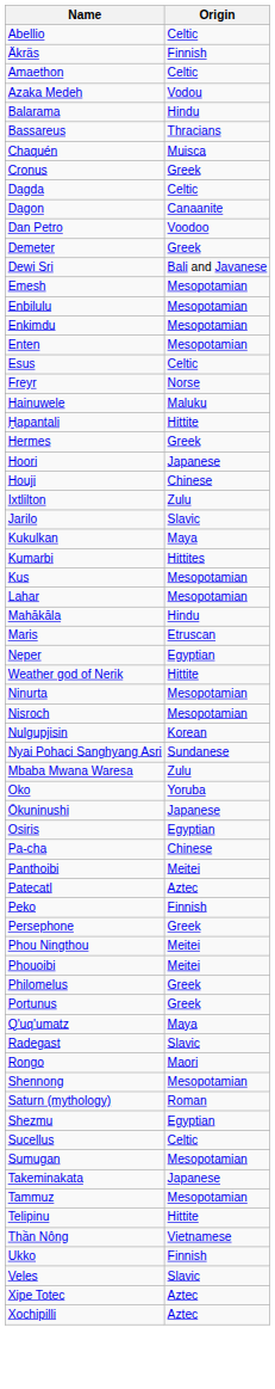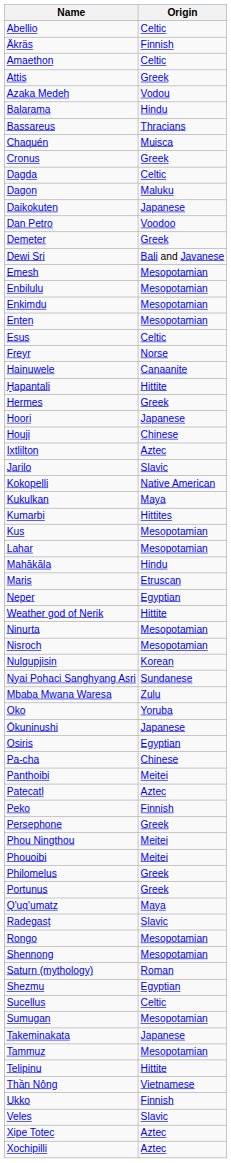 <table class="wikitable sortable" style="display: inline-table; margin-right: 20px;">
 <tr>
 <th>Name</th>
 <th>Origin</th>
 </tr>
 <tr>
 <td><a href='#'>Abellio</a></td>
 <td><a href='#'>Celtic</a></td>
 </tr>
 <tr>
 <td><a href='#'>Äkräs</a></td>
 <td><a href='#'>Finnish</a></td>
 </tr>
 <tr>
 <td><a href='#'>Amaethon</a></td>
 <td><a href='#'>Celtic</a></td>
+</tr>
+<tr>
+<td><a href='#'>Attis</a></td>
+<td><a href='#'>Greek</a></td>
 </tr>
 <tr>
 <td><a href='#'>Azaka Medeh</a></td>
 <td><a href='#'>Vodou</a></td>
 </tr>
 <tr>
 <td><a href='#'>Balarama</a></td>
 <td><a href='#'>Hindu</a></td>
 </tr>
 <tr>
 <td><a href='#'>Bassareus</a></td>
 <td><a href='#'>Thracians</a></td>
 </tr>
 <tr>
 <td><a href='#'>Chaquén</a></td>
 <td><a href='#'>Muisca</a></td>
 </tr>
 <tr>
 <td><a href='#'>Cronus</a></td>
 <td><a href='#'>Greek</a></td>
 </tr>
 <tr>
 <td><a href='#'>Dagda</a></td>
 <td><a href='#'>Celtic</a></td>
 </tr>
 <tr>
 <td><a href='#'>Dagon</a></td>
-<td><a href='#'>Canaanite</a></td>
+<td><a href='#'>Maluku</a></td>
+</tr>
+<tr>
+<td><a href='#'>Daikokuten</a></td>
+<td><a href='#'>Japanese</a></td>
 </tr>
 <tr>
 <td><a href='#'>Dan Petro</a></td>
 <td><a href='#'>Voodoo</a></td>
 </tr>
 <tr>
 <td><a href='#'>Demeter</a></td>
 <td><a href='#'>Greek</a></td>
 </tr>
 <tr>
 <td><a href='#'>Dewi Sri</a></td>
 <td><a href='#'>Bali</a> and <a href='#'>Javanese</a></td>
 </tr>
 <tr>
 <td><a href='#'>Emesh</a></td>
 <td><a href='#'>Mesopotamian</a></td>
 </tr>
 <tr>
 <td><a href='#'>Enbilulu</a></td>
 <td><a href='#'>Mesopotamian</a></td>
 </tr>
 <tr>
 <td><a href='#'>Enkimdu</a></td>
 <td><a href='#'>Mesopotamian</a></td>
 </tr>
 <tr>
 <td><a href='#'>Enten</a></td>
 <td><a href='#'>Mesopotamian</a></td>
 </tr>
 <tr>
 <td><a href='#'>Esus</a></td>
 <td><a href='#'>Celtic</a></td>
 </tr>
 <tr>
 <td><a href='#'>Freyr</a></td>
 <td><a href='#'>Norse</a></td>
 </tr>
 <tr>
 <td><a href='#'>Hainuwele</a></td>
-<td><a href='#'>Maluku</a></td>
+<td><a href='#'>Canaanite</a></td>
 </tr>
 <tr>
 <td><a href='#'>Ḫapantali</a></td>
 <td><a href='#'>Hittite</a></td>
 </tr>
 <tr>
 <td><a href='#'>Hermes</a></td>
 <td><a href='#'>Greek</a></td>
 </tr>
 <tr>
 <td><a href='#'>Hoori</a></td>
 <td><a href='#'>Japanese</a></td>
 </tr>
 <tr>
 <td><a href='#'>Houji</a></td>
 <td><a href='#'>Chinese</a></td>
 </tr>
 <tr>
 <td><a href='#'>Ixtlilton</a></td>
-<td><a href='#'>Zulu</a></td>
+<td><a href='#'>Aztec</a></td>
 </tr>
 <tr>
 <td><a href='#'>Jarilo</a></td>
 <td><a href='#'>Slavic</a></td>
+</tr>
+<tr>
+<td><a href='#'>Kokopelli</a></td>
+<td><a href='#'>Native American</a></td>
 </tr>
 <tr>
 <td><a href='#'>Kukulkan</a></td>
 <td><a href='#'>Maya</a></td>
 </tr>
 <tr>
 <td><a href='#'>Kumarbi</a></td>
 <td><a href='#'>Hittites</a></td>
 </tr>
 <tr>
 <td><a href='#'>Kus</a></td>
 <td><a href='#'>Mesopotamian</a></td>
 </tr>
 <tr>
 <td><a href='#'>Lahar</a></td>
 <td><a href='#'>Mesopotamian</a></td>
 </tr>
 <tr>
 <td><a href='#'>Mahākāla</a></td>
 <td><a href='#'>Hindu</a></td>
 </tr>
 <tr>
 <td><a href='#'>Maris</a></td>
 <td><a href='#'>Etruscan</a></td>
 </tr>
 <tr>
 <td><a href='#'>Neper</a></td>
 <td><a href='#'>Egyptian</a></td>
 </tr>
 <tr>
 <td data-sort-value="Nerik"><a href='#'>Weather god of Nerik</a></td>
 <td><a href='#'>Hittite</a></td>
 </tr>
 <tr>
 <td><a href='#'>Ninurta</a></td>
 <td><a href='#'>Mesopotamian</a></td>
 </tr>
 <tr>
 <td><a href='#'>Nisroch</a></td>
 <td><a href='#'>Mesopotamian</a></td>
 </tr>
 <tr>
 <td><a href='#'>Nulgupjisin</a></td>
 <td><a href='#'>Korean</a></td>
 </tr>
 <tr>
 <td><a href='#'>Nyai Pohaci Sanghyang Asri</a></td>
 <td><a href='#'>Sundanese</a></td>
 </tr>
 <tr>
 <td><a href='#'>Mbaba Mwana Waresa</a></td>
 <td><a href='#'>Zulu</a></td>
 </tr>
 <tr>
 <td><a href='#'>Oko</a></td>
 <td><a href='#'>Yoruba</a></td>
 </tr>
 <tr>
 <td><a href='#'>Ōkuninushi</a></td>
 <td><a href='#'>Japanese</a></td>
 </tr>
 <tr>
 <td><a href='#'>Osiris</a></td>
 <td><a href='#'>Egyptian</a></td>
 </tr>
 <tr>
 <td><a href='#'>Pa-cha</a></td>
 <td><a href='#'>Chinese</a></td>
 </tr>
 <tr>
 <td><a href='#'>Panthoibi</a></td>
 <td><a href='#'>Meitei</a></td>
 </tr>
 <tr>
 <td><a href='#'>Patecatl</a></td>
 <td><a href='#'>Aztec</a></td>
 </tr>
 <tr>
 <td><a href='#'>Peko</a></td>
 <td><a href='#'>Finnish</a></td>
 </tr>
 <tr>
 <td><a href='#'>Persephone</a></td>
 <td><a href='#'>Greek</a></td>
 </tr>
 <tr>
 <td><a href='#'>Phou Ningthou</a></td>
 <td><a href='#'>Meitei</a></td>
 </tr>
 <tr>
 <td><a href='#'>Phouoibi</a></td>
 <td><a href='#'>Meitei</a></td>
 </tr>
 <tr>
 <td><a href='#'>Philomelus</a></td>
 <td><a href='#'>Greek</a></td>
 </tr>
 <tr>
 <td><a href='#'>Portunus</a></td>
 <td><a href='#'>Greek</a></td>
 </tr>
 <tr>
 <td><a href='#'>Q'uq'umatz</a></td>
 <td><a href='#'>Maya</a></td>
 </tr>
 <tr>
 <td><a href='#'>Radegast</a></td>
 <td><a href='#'>Slavic</a></td>
 </tr>
 <tr>
 <td><a href='#'>Rongo</a></td>
-<td><a href='#'>Maori</a></td>
+<td><a href='#'>Mesopotamian</a></td>
 </tr>
 <tr>
 <td><a href='#'>Shennong</a></td>
 <td><a href='#'>Mesopotamian</a></td>
 </tr>
 <tr>
 <td><a href='#'>Saturn (mythology)</a></td>
 <td><a href='#'>Roman</a></td>
 </tr>
 <tr>
 <td><a href='#'>Shezmu</a></td>
 <td><a href='#'>Egyptian</a></td>
 </tr>
 <tr>
 <td><a href='#'>Sucellus</a></td>
 <td><a href='#'>Celtic</a></td>
 </tr>
 <tr>
 <td><a href='#'>Sumugan</a></td>
 <td><a href='#'>Mesopotamian</a></td>
 </tr>
 <tr>
 <td><a href='#'>Takeminakata</a></td>
 <td><a href='#'>Japanese</a></td>
 </tr>
 <tr>
 <td><a href='#'>Tammuz</a></td>
 <td><a href='#'>Mesopotamian</a></td>
 </tr>
 <tr>
 <td><a href='#'>Telipinu</a></td>
 <td><a href='#'>Hittite</a></td>
 </tr>
 <tr>
 <td><a href='#'>Thần Nông</a></td>
 <td><a href='#'>Vietnamese</a></td>
 </tr>
 <tr>
 <td><a href='#'>Ukko</a></td>
 <td><a href='#'>Finnish</a></td>
 </tr>
 <tr>
 <td><a href='#'>Veles</a></td>
 <td><a href='#'>Slavic</a></td>
 </tr>
 <tr>
 <td><a href='#'>Xipe Totec</a></td>
 <td><a href='#'>Aztec</a></td>
 </tr>
 <tr>
 <td><a href='#'>Xochipilli</a></td>
 <td><a href='#'>Aztec</a></td>
 </tr>
 </table>
